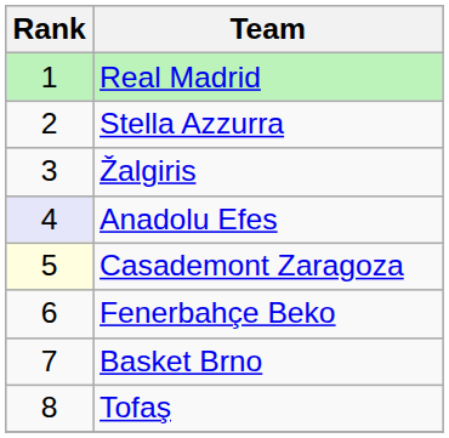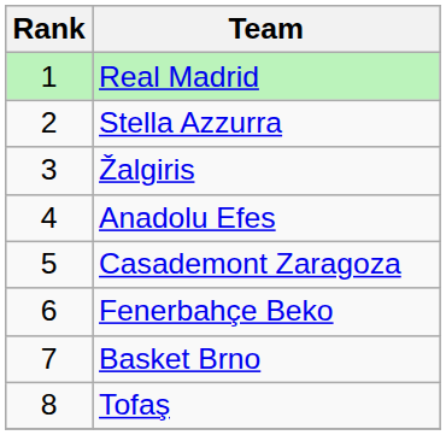 <table class="wikitable">
 <tr>
 <th>Rank</th>
 <th style="width:180px;">Team</th>
 </tr>
 <tr style="background:#bbf3bb;">
 <td align=center>1</td>
 <td> <a href='#'>Real Madrid</a></td>
 </tr>
 <tr>
 <td align=center>2</td>
 <td> <a href='#'>Stella Azzurra</a></td>
 </tr>
 <tr>
 <td align=center>3</td>
 <td> <a href='#'>Žalgiris</a></td>
 </tr>
 <tr>
-<td align=center style="background: lavender;">4</td>
+<td align=center>4</td>
 <td> <a href='#'>Anadolu Efes</a></td>
 </tr>
 <tr>
-<td align=center style="background: lightyellow;">5</td>
+<td align=center>5</td>
 <td> <a href='#'>Casademont Zaragoza</a></td>
 </tr>
 <tr>
 <td align=center>6</td>
 <td> <a href='#'>Fenerbahçe Beko</a></td>
 </tr>
 <tr>
 <td align=center>7</td>
 <td> <a href='#'>Basket Brno</a></td>
 </tr>
 <tr>
 <td align=center>8</td>
 <td> <a href='#'>Tofaş</a></td>
 </tr>
 <tr>
 </tr>
 </table>
